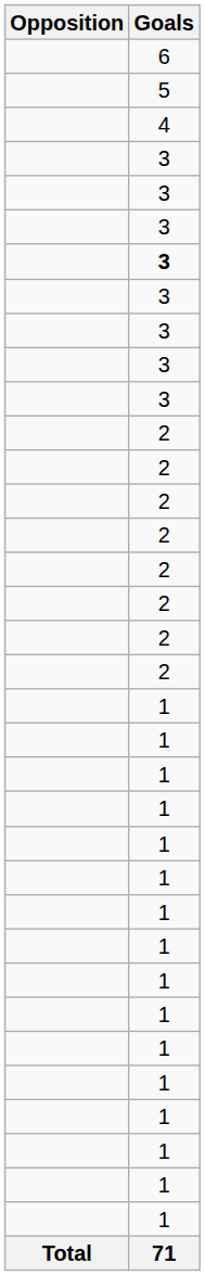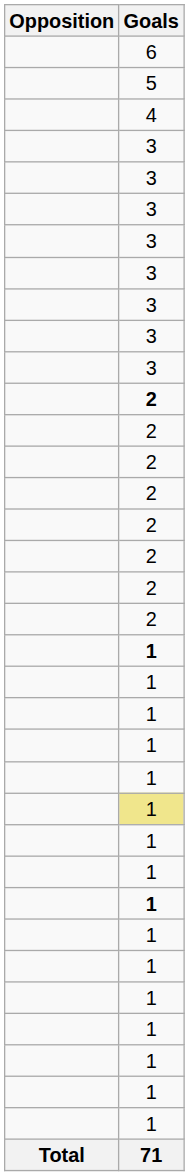 <table class="wikitable plainrowheaders sortable" style="text-align:center;font-size:95%">
 <tr>
 <th scope="col">Opposition</th>
 <th scope="col">Goals</th>
 </tr>
 <tr>
 <td style="text-align:left"></td>
 <td>6</td>
 </tr>
 <tr>
 <td style="text-align:left"></td>
 <td>5</td>
 </tr>
 <tr>
 <td style="text-align:left"></td>
 <td>4</td>
 </tr>
 <tr>
 <td style="text-align:left"></td>
 <td>3</td>
 </tr>
 <tr>
 <td style="text-align:left"></td>
 <td>3</td>
 </tr>
 <tr>
 <td style="text-align:left"></td>
 <td>3</td>
 </tr>
 <tr>
 <td style="text-align:left"></td>
-<td><strong>3</strong></td>
+<td>3</td>
 </tr>
 <tr>
 <td style="text-align:left"></td>
 <td>3</td>
 </tr>
 <tr>
 <td style="text-align:left"></td>
 <td>3</td>
 </tr>
 <tr>
 <td style="text-align:left"></td>
 <td>3</td>
 </tr>
 <tr>
 <td style="text-align:left"></td>
 <td>3</td>
+</tr>
+<tr>
+<td style="text-align:left"></td>
+<td><strong>2</strong></td>
 </tr>
 <tr>
 <td style="text-align:left"></td>
 <td>2</td>
 </tr>
 <tr>
 <td style="text-align:left"></td>
 <td>2</td>
 </tr>
 <tr>
 <td style="text-align:left"></td>
 <td>2</td>
 </tr>
 <tr>
 <td style="text-align:left"></td>
 <td>2</td>
 </tr>
 <tr>
 <td style="text-align:left"></td>
 <td>2</td>
 </tr>
 <tr>
 <td style="text-align:left"></td>
 <td>2</td>
 </tr>
 <tr>
 <td style="text-align:left"></td>
 <td>2</td>
 </tr>
 <tr>
 <td style="text-align:left"></td>
-<td>2</td>
+<td><strong>1</strong></td>
 </tr>
 <tr>
 <td style="text-align:left"></td>
 <td>1</td>
 </tr>
 <tr>
 <td style="text-align:left"></td>
 <td>1</td>
 </tr>
 <tr>
 <td style="text-align:left"></td>
 <td>1</td>
 </tr>
 <tr>
 <td style="text-align:left"></td>
 <td>1</td>
 </tr>
 <tr>
 <td style="text-align:left"></td>
-<td>1</td>
+<td style="background: khaki;">1</td>
 </tr>
 <tr>
 <td style="text-align:left"></td>
 <td>1</td>
 </tr>
 <tr>
 <td style="text-align:left"></td>
 <td>1</td>
 </tr>
 <tr>
 <td style="text-align:left"></td>
-<td>1</td>
-</tr>
-<tr>
-<td style="text-align:left"></td>
-<td>1</td>
+<td><strong>1</strong></td>
 </tr>
 <tr>
 <td style="text-align:left"></td>
 <td>1</td>
 </tr>
 <tr>
 <td style="text-align:left"></td>
 <td>1</td>
 </tr>
 <tr>
 <td style="text-align:left"></td>
 <td>1</td>
 </tr>
 <tr>
 <td style="text-align:left"></td>
 <td>1</td>
 </tr>
 <tr>
 <td style="text-align:left"></td>
 <td>1</td>
 </tr>
 <tr>
 <td style="text-align:left"></td>
 <td>1</td>
 </tr>
 <tr>
 <td style="text-align:left"></td>
 <td>1</td>
 </tr>
 <tr>
 <th>Total</th>
 <th>71</th>
 </tr>
 </table>
